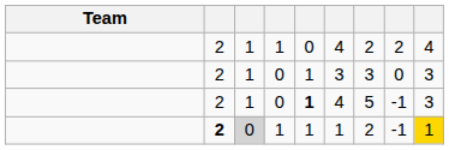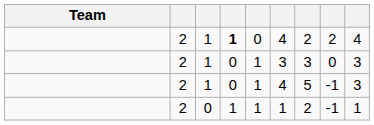 <table class="wikitable" style="text-align: center;">
 <tr>
 <th width="175">Team</th>
 <th width="20"></th>
 <th width="20"></th>
 <th width="20"></th>
 <th width="20"></th>
 <th width="20"></th>
 <th width="20"></th>
 <th width="20"></th>
 <th width="20"></th>
 </tr>
 <tr>
 <td align="left"></td>
 <td>2</td>
 <td>1</td>
-<td>1</td>
+<td><strong>1</strong></td>
 <td>0</td>
 <td>4</td>
 <td>2</td>
 <td>2</td>
 <td>4</td>
 </tr>
 <tr>
 <td align="left"></td>
 <td>2</td>
 <td>1</td>
 <td>0</td>
 <td>1</td>
 <td>3</td>
 <td>3</td>
 <td>0</td>
 <td>3</td>
 </tr>
 <tr>
 <td align="left"></td>
 <td>2</td>
 <td>1</td>
 <td>0</td>
-<td><strong>1</strong></td>
+<td>1</td>
 <td>4</td>
 <td>5</td>
 <td>-1</td>
 <td>3</td>
 </tr>
 <tr>
 <td align="left"></td>
-<td><strong>2</strong></td>
-<td style="background: lightgrey;">0</td>
+<td>2</td>
+<td>0</td>
 <td>1</td>
 <td>1</td>
 <td>1</td>
 <td>2</td>
 <td>-1</td>
-<td style="background: gold;">1</td>
+<td>1</td>
 </tr>
 </table>
